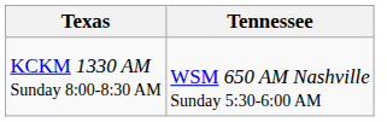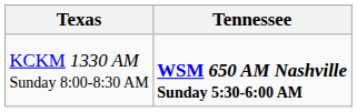 <table class="wikitable">
 <tr>
 <th>Texas</th>
 <th>Tennessee</th>
 </tr>
 <tr>
 <td><a href='#'>KCKM</a> <em>1330 AM</em><br><small>Sunday 8:00-8:30 AM</small></td>
-<td><br><a href='#'>WSM</a> <em>650 AM Nashville</em><br><small>Sunday 5:30-6:00 AM</small></td>
+<td><strong><br><a href='#'>WSM</a> <em>650 AM Nashville</em><br><small>Sunday 5:30-6:00 AM</small></strong></td>
 </tr>
 </table>
